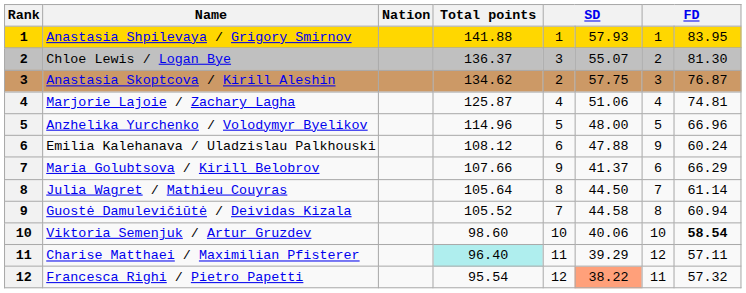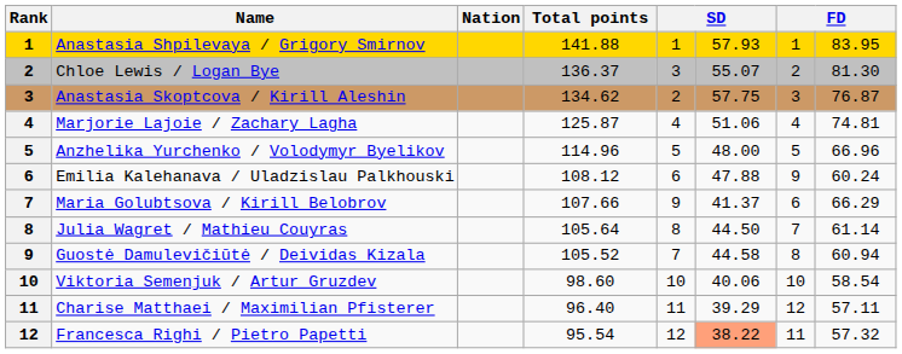 <table class="wikitable sortable">
 <tr>
 <th>Rank</th>
 <th>Name</th>
 <th>Nation</th>
 <th width="100px">Total points</th>
 <th colspan="2" width="90px"><a href='#'>SD</a></th>
 <th colspan="2" width="90px"><a href='#'>FD</a></th>
 </tr>
 <tr bgcolor="gold">
 <td align="center" bgcolor="gold"><strong>1</strong></td>
 <td><a href='#'>Anastasia Shpilevaya</a> / <a href='#'>Grigory Smirnov</a></td>
 <td></td>
 <td align="center">141.88</td>
 <td align="center">1</td>
 <td align="center">57.93</td>
 <td align="center">1</td>
 <td align="center">83.95</td>
 </tr>
 <tr bgcolor="silver">
 <td align="center" bgcolor="silver"><strong>2</strong></td>
 <td>Chloe Lewis / <a href='#'>Logan Bye</a></td>
 <td></td>
 <td align="center">136.37</td>
 <td align="center">3</td>
 <td align="center">55.07</td>
 <td align="center">2</td>
 <td align="center">81.30</td>
 </tr>
 <tr bgcolor="#cc9966">
 <td align="center" bgcolor="#cc9966"><strong>3</strong></td>
 <td><a href='#'>Anastasia Skoptcova</a> / <a href='#'>Kirill Aleshin</a></td>
 <td></td>
 <td align="center">134.62</td>
 <td align="center">2</td>
 <td align="center">57.75</td>
 <td align="center">3</td>
 <td align="center">76.87</td>
 </tr>
 <tr>
 <th>4</th>
 <td><a href='#'>Marjorie Lajoie</a> / <a href='#'>Zachary Lagha</a></td>
 <td></td>
 <td align="center">125.87</td>
 <td align="center">4</td>
 <td align="center">51.06</td>
 <td align="center">4</td>
 <td align="center">74.81</td>
 </tr>
 <tr>
 <th>5</th>
 <td><a href='#'>Anzhelika Yurchenko</a> / <a href='#'>Volodymyr Byelikov</a></td>
 <td></td>
 <td align="center">114.96</td>
 <td align="center">5</td>
 <td align="center">48.00</td>
 <td align="center">5</td>
 <td align="center">66.96</td>
 </tr>
 <tr>
 <th>6</th>
 <td>Emilia Kalehanava / Uladzislau Palkhouski</td>
 <td></td>
 <td align="center">108.12</td>
 <td align="center">6</td>
 <td align="center">47.88</td>
 <td align="center">9</td>
 <td align="center">60.24</td>
 </tr>
 <tr>
 <th>7</th>
 <td><a href='#'>Maria Golubtsova</a> / <a href='#'>Kirill Belobrov</a></td>
 <td></td>
 <td align="center">107.66</td>
 <td align="center">9</td>
 <td align="center">41.37</td>
 <td align="center">6</td>
 <td align="center">66.29</td>
 </tr>
 <tr>
 <th>8</th>
 <td><a href='#'>Julia Wagret</a> / <a href='#'>Mathieu Couyras</a></td>
 <td></td>
 <td align="center">105.64</td>
 <td align="center">8</td>
 <td align="center">44.50</td>
 <td align="center">7</td>
 <td align="center">61.14</td>
 </tr>
 <tr>
 <th>9</th>
 <td><a href='#'>Guostė Damulevičiūtė</a> / <a href='#'>Deividas Kizala</a></td>
 <td></td>
 <td align="center">105.52</td>
 <td align="center">7</td>
 <td align="center">44.58</td>
 <td align="center">8</td>
 <td align="center">60.94</td>
 </tr>
 <tr>
 <th>10</th>
 <td><a href='#'>Viktoria Semenjuk</a> / <a href='#'>Artur Gruzdev</a></td>
 <td></td>
 <td align="center">98.60</td>
 <td align="center">10</td>
 <td align="center">40.06</td>
 <td align="center">10</td>
-<td align="center"><strong>58.54</strong></td>
+<td align="center">58.54</td>
 </tr>
 <tr>
 <th>11</th>
 <td><a href='#'>Charise Matthaei</a> / <a href='#'>Maximilian Pfisterer</a></td>
 <td></td>
-<td align="center" style="background: paleturquoise;">96.40</td>
+<td align="center">96.40</td>
 <td align="center">11</td>
 <td align="center">39.29</td>
 <td align="center">12</td>
 <td align="center">57.11</td>
 </tr>
 <tr>
 <th>12</th>
 <td><a href='#'>Francesca Righi</a> / <a href='#'>Pietro Papetti</a></td>
 <td></td>
 <td align="center">95.54</td>
 <td align="center">12</td>
 <td align="center" style="background: lightsalmon;">38.22</td>
 <td align="center">11</td>
 <td align="center">57.32</td>
 </tr>
 </table>
